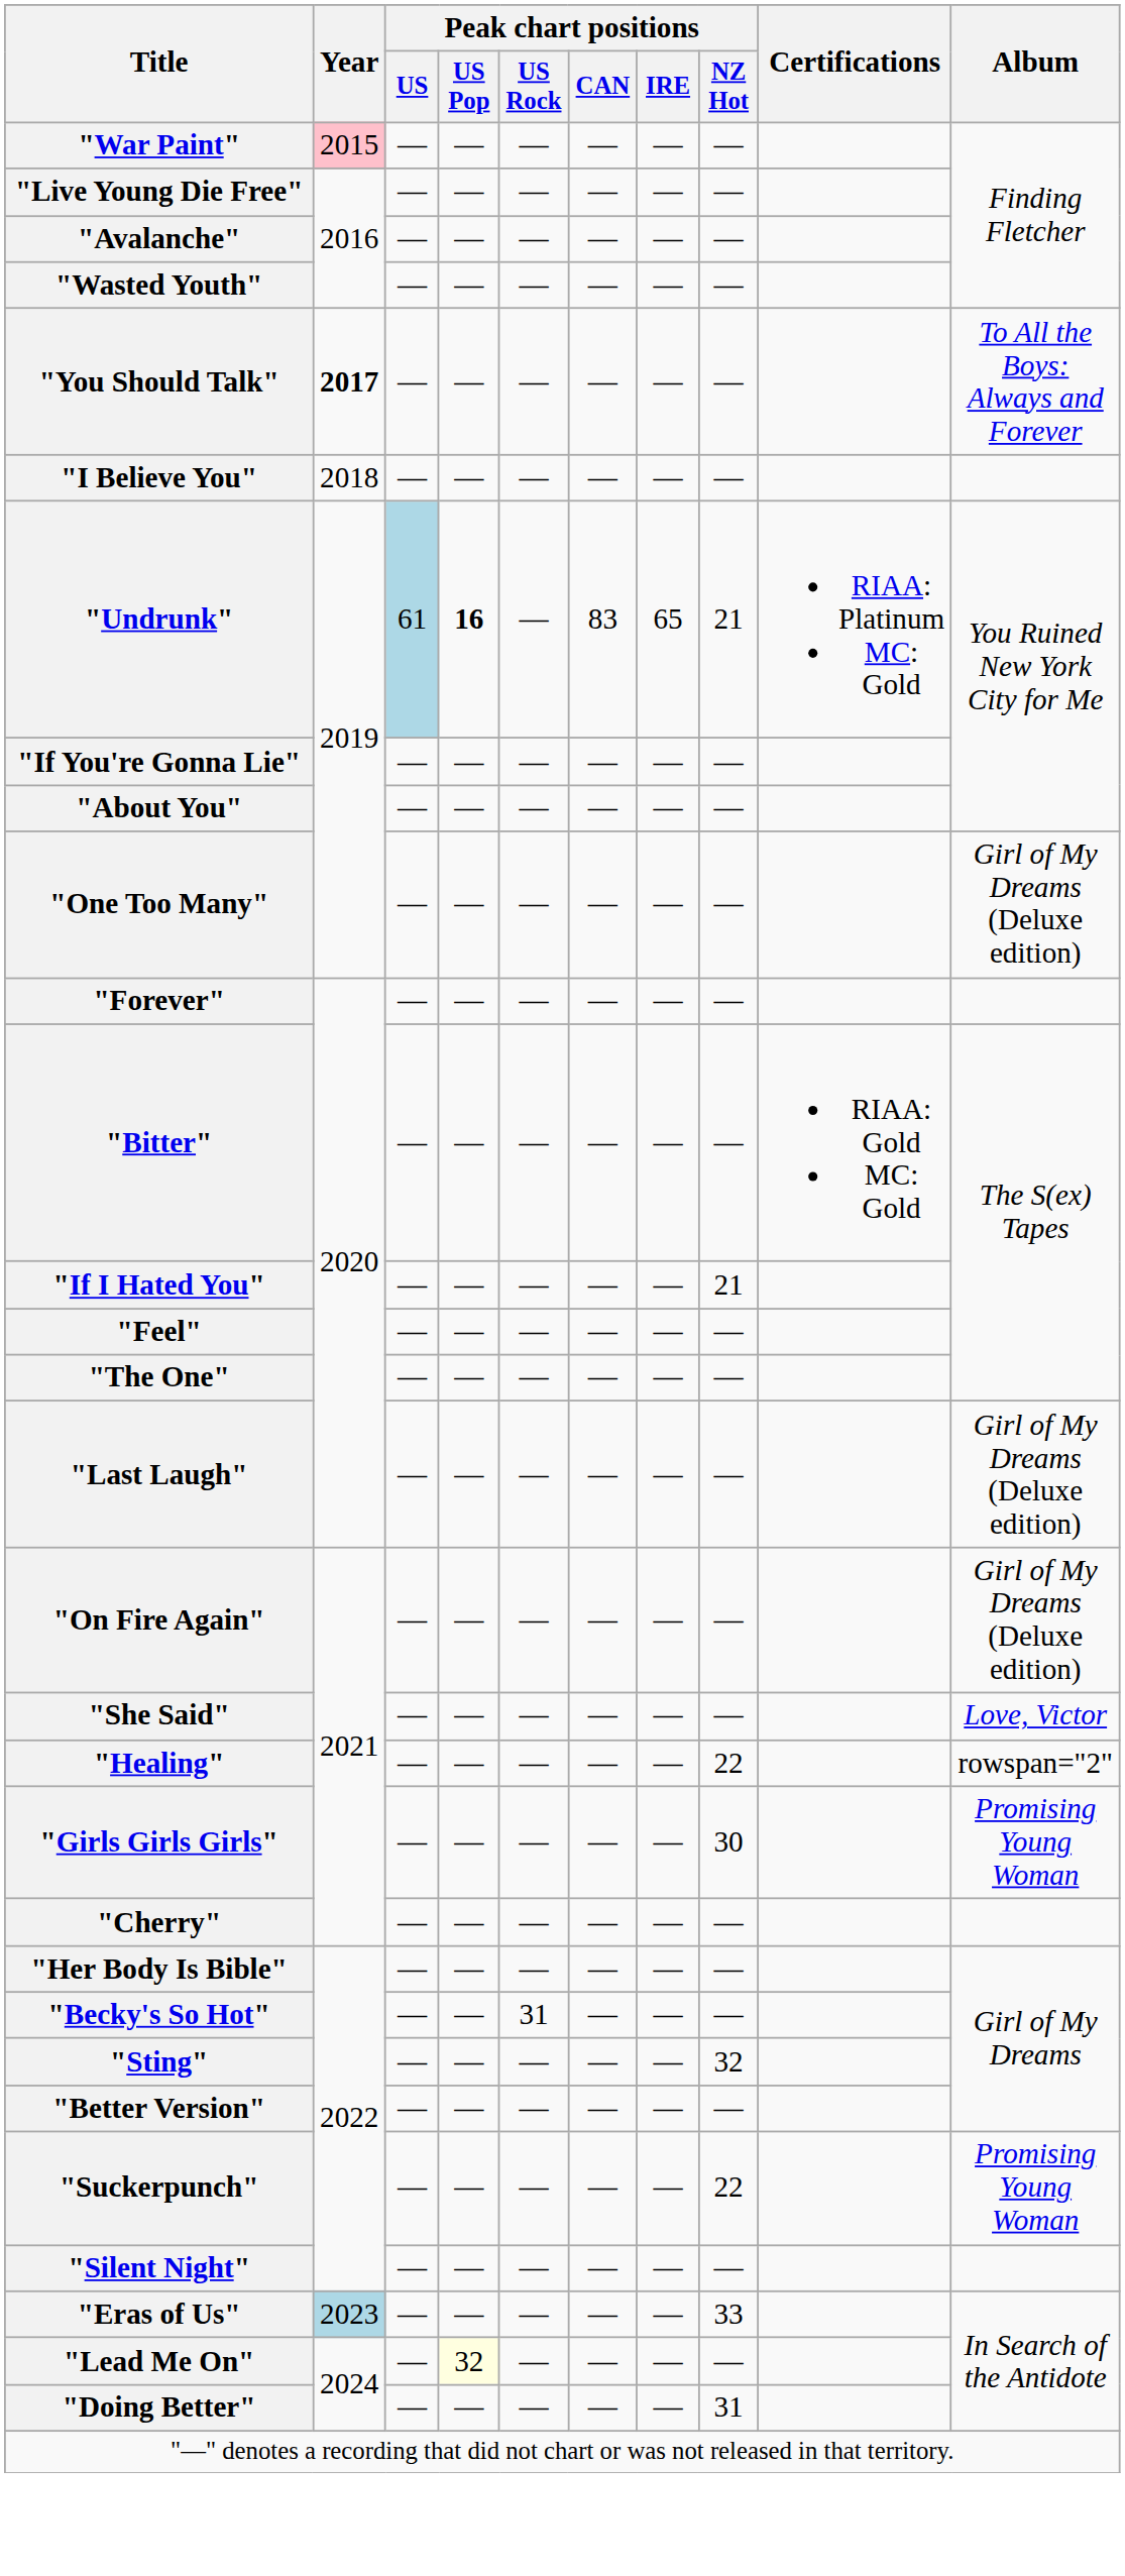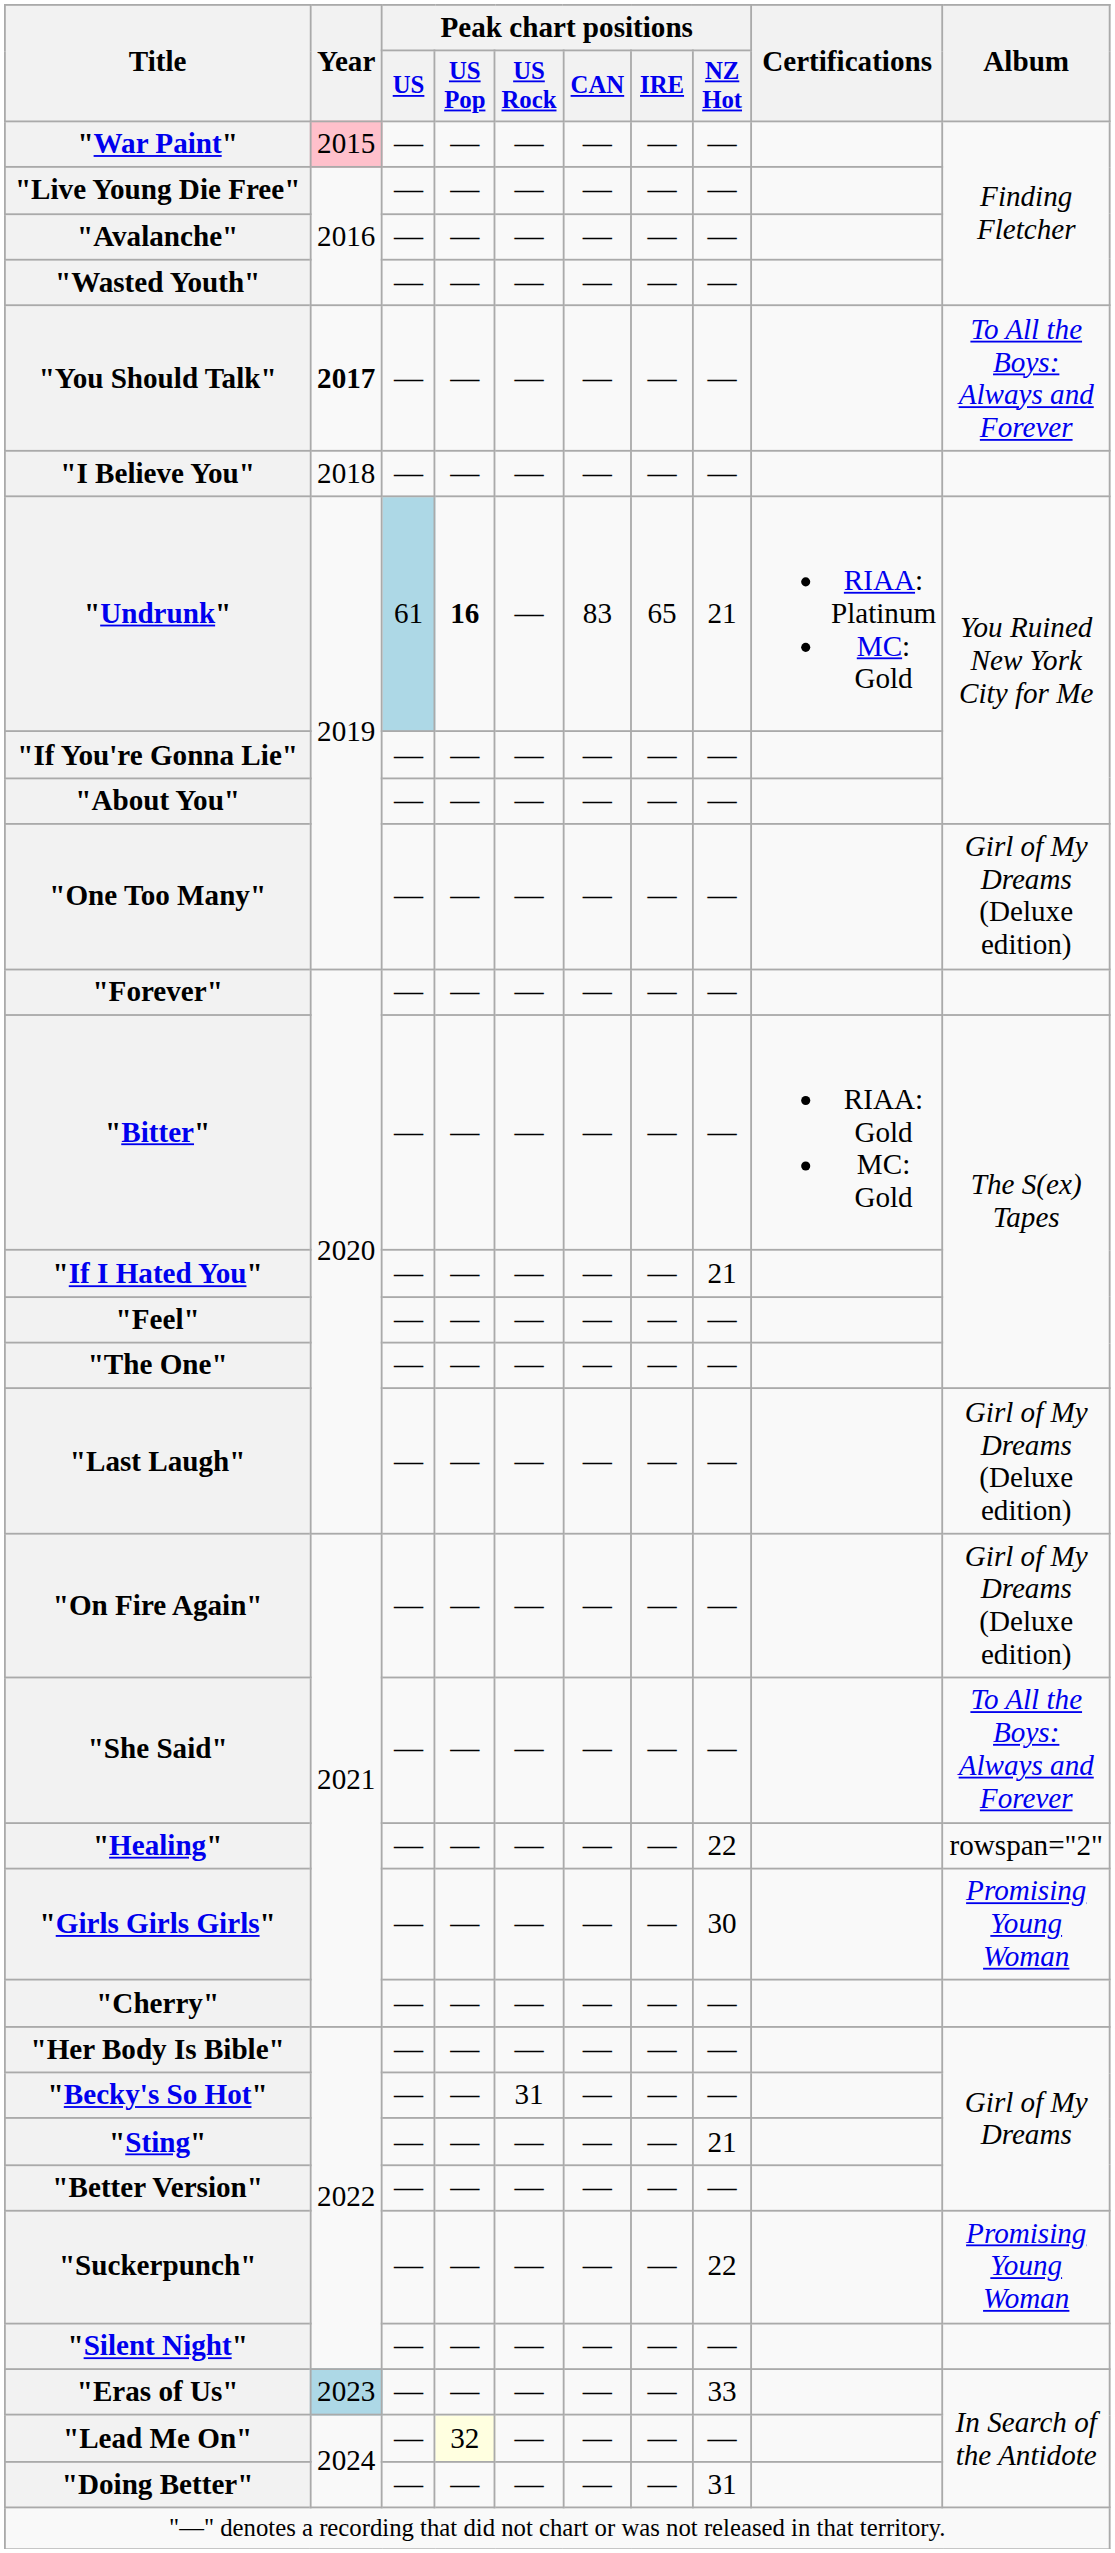 <table class="wikitable plainrowheaders" style="text-align:center;">
 <tr>
 <th scope="col" rowspan="2" style="width:17em;">Title</th>
 <th scope="col" rowspan="2" style="width:1em;">Year</th>
 <th scope="col" colspan="6">Peak chart positions</th>
 <th scope="col" rowspan="2">Certifications</th>
 <th scope="col" rowspan="2">Album</th>
 </tr>
 <tr>
 <th scope="col" style="width:2.5em;font-size:85%;"><a href='#'>US</a><br></th>
 <th scope="col" style="width:2.5em;font-size:85%;"><a href='#'>US<br>Pop</a><br></th>
 <th scope="col" style="width:2.5em;font-size:85%;"><a href='#'>US<br>Rock</a><br></th>
 <th scope="col" style="width:2.5em;font-size:85%;"><a href='#'>CAN</a><br></th>
 <th scope="col" style="width:2.5em;font-size:85%;"><a href='#'>IRE</a><br></th>
 <th scope="col" style="width:2.5em;font-size:85%;"><a href='#'>NZ<br>Hot</a><br></th>
 </tr>
 <tr>
 <th scope="row">"<a href='#'>War Paint</a>"</th>
 <td style="background: pink;">2015</td>
 <td>—</td>
 <td>—</td>
 <td>—</td>
 <td>—</td>
 <td>—</td>
 <td>—</td>
 <td></td>
 <td rowspan="4"><em>Finding Fletcher</em></td>
 </tr>
 <tr>
 <th scope="row">"Live Young Die Free"</th>
 <td rowspan="3">2016</td>
 <td>—</td>
 <td>—</td>
 <td>—</td>
 <td>—</td>
 <td>—</td>
 <td>—</td>
 <td></td>
 </tr>
 <tr>
 <th scope="row">"Avalanche"</th>
 <td>—</td>
 <td>—</td>
 <td>—</td>
 <td>—</td>
 <td>—</td>
 <td>—</td>
 <td></td>
 </tr>
 <tr>
 <th scope="row">"Wasted Youth"</th>
 <td>—</td>
 <td>—</td>
 <td>—</td>
 <td>—</td>
 <td>—</td>
 <td>—</td>
 <td></td>
 </tr>
 <tr>
 <th scope="row">"You Should Talk"</th>
 <td><strong>2017</strong></td>
 <td>—</td>
 <td>—</td>
 <td>—</td>
 <td>—</td>
 <td>—</td>
 <td>—</td>
 <td></td>
 <td><em><a href='#'>To All the Boys: Always and Forever</a></em></td>
 </tr>
 <tr>
 <th scope="row">"I Believe You"</th>
 <td>2018</td>
 <td>—</td>
 <td>—</td>
 <td>—</td>
 <td>—</td>
 <td>—</td>
 <td>—</td>
 <td></td>
 </tr>
 <tr>
 <th scope="row">"<a href='#'>Undrunk</a>"</th>
 <td rowspan="4">2019</td>
 <td style="background: lightblue;">61</td>
 <td><strong>16</strong></td>
 <td>—</td>
 <td>83</td>
 <td>65</td>
 <td>21</td>
 <td><br><ul><li><a href='#'>RIAA</a>: Platinum</li><li><a href='#'>MC</a>: Gold</li></ul></td>
 <td rowspan="3"><em>You Ruined New York City for Me</em></td>
 </tr>
 <tr>
 <th scope="row">"If You're Gonna Lie"</th>
 <td>—</td>
 <td>—</td>
 <td>—</td>
 <td>—</td>
 <td>—</td>
 <td>—</td>
 <td></td>
 </tr>
 <tr>
 <th scope="row">"About You"</th>
 <td>—</td>
 <td>—</td>
 <td>—</td>
 <td>—</td>
 <td>—</td>
 <td>—</td>
 <td></td>
 </tr>
 <tr>
 <th scope="row">"One Too Many"</th>
 <td>—</td>
 <td>—</td>
 <td>—</td>
 <td>—</td>
 <td>—</td>
 <td>—</td>
 <td></td>
 <td><em>Girl of My Dreams</em> (Deluxe edition)</td>
 </tr>
 <tr>
 <th scope="row">"Forever"</th>
 <td rowspan="6">2020</td>
 <td>—</td>
 <td>—</td>
 <td>—</td>
 <td>—</td>
 <td>—</td>
 <td>—</td>
 <td></td>
 </tr>
 <tr>
 <th scope="row">"<a href='#'>Bitter</a>" </th>
 <td>—</td>
 <td>—</td>
 <td>—</td>
 <td>—</td>
 <td>—</td>
 <td>—</td>
 <td><br><ul><li>RIAA: Gold</li><li>MC: Gold</li></ul></td>
 <td rowspan="4"><em>The S(ex) Tapes</em></td>
 </tr>
 <tr>
 <th scope="row">"<a href='#'>If I Hated You</a>"</th>
 <td>—</td>
 <td>—</td>
 <td>—</td>
 <td>—</td>
 <td>—</td>
 <td>21</td>
 <td></td>
 </tr>
 <tr>
 <th scope="row">"Feel"</th>
 <td>—</td>
 <td>—</td>
 <td>—</td>
 <td>—</td>
 <td>—</td>
 <td>—</td>
 <td></td>
 </tr>
 <tr>
 <th scope="row">"The One"</th>
 <td>—</td>
 <td>—</td>
 <td>—</td>
 <td>—</td>
 <td>—</td>
 <td>—</td>
 <td></td>
 </tr>
 <tr>
 <th scope="row">"Last Laugh"</th>
 <td>—</td>
 <td>—</td>
 <td>—</td>
 <td>—</td>
 <td>—</td>
 <td>—</td>
 <td></td>
 <td><em>Girl of My Dreams</em> (Deluxe edition)</td>
 </tr>
 <tr>
 <th scope="row">"On Fire Again"</th>
 <td rowspan="5">2021</td>
 <td>—</td>
 <td>—</td>
 <td>—</td>
 <td>—</td>
 <td>—</td>
 <td>—</td>
 <td></td>
 <td><em>Girl of My Dreams</em> (Deluxe edition)</td>
 </tr>
 <tr>
 <th scope="row">"She Said"</th>
 <td>—</td>
 <td>—</td>
 <td>—</td>
 <td>—</td>
 <td>—</td>
 <td>—</td>
 <td></td>
-<td><em><a href='#'>Love, Victor</a></em></td>
+<td><em><a href='#'>To All the Boys: Always and Forever</a></em></td>
 </tr>
 <tr>
 <th scope="row">"<a href='#'>Healing</a>"</th>
 <td>—</td>
 <td>—</td>
 <td>—</td>
 <td>—</td>
 <td>—</td>
 <td>22</td>
 <td></td>
 <td>rowspan="2" </td>
 </tr>
 <tr>
 <th scope="row">"<a href='#'>Girls Girls Girls</a>"</th>
 <td>—</td>
 <td>—</td>
 <td>—</td>
 <td>—</td>
 <td>—</td>
 <td>30</td>
 <td></td>
 <td><em><a href='#'>Promising Young Woman</a></em></td>
 </tr>
 <tr>
 <th scope="row">"Cherry" </th>
 <td>—</td>
 <td>—</td>
 <td>—</td>
 <td>—</td>
 <td>—</td>
 <td>—</td>
 <td></td>
 </tr>
 <tr>
 <th scope="row">"Her Body Is Bible"</th>
 <td rowspan="6">2022</td>
 <td>—</td>
 <td>—</td>
 <td>—</td>
 <td>—</td>
 <td>—</td>
 <td>—</td>
 <td></td>
 <td rowspan="4"><em>Girl of My Dreams</em></td>
 </tr>
 <tr>
 <th scope="row">"<a href='#'>Becky's So Hot</a>"</th>
 <td>—</td>
 <td>—</td>
 <td>31</td>
 <td>—</td>
 <td>—</td>
 <td>—</td>
 <td></td>
 </tr>
 <tr>
 <th scope="row">"<a href='#'>Sting</a>"</th>
 <td>—</td>
 <td>—</td>
 <td>—</td>
 <td>—</td>
 <td>—</td>
-<td>32</td>
+<td>21</td>
 </tr>
 <tr>
 <th scope="row">"Better Version"</th>
 <td>—</td>
 <td>—</td>
 <td>—</td>
 <td>—</td>
 <td>—</td>
 <td>—</td>
 <td></td>
 </tr>
 <tr>
 <th scope="row">"Suckerpunch"</th>
 <td>—</td>
 <td>—</td>
 <td>—</td>
 <td>—</td>
 <td>—</td>
 <td>22</td>
 <td></td>
 <td><em><a href='#'>Promising Young Woman</a></em></td>
 </tr>
 <tr>
 <th scope="row">"<a href='#'>Silent Night</a>"</th>
 <td>—</td>
 <td>—</td>
 <td>—</td>
 <td>—</td>
 <td>—</td>
 <td>—</td>
 <td></td>
 <td></td>
 </tr>
 <tr>
 <th scope="row">"Eras of Us"</th>
 <td style="background: lightblue;">2023</td>
 <td>—</td>
 <td>—</td>
 <td>—</td>
 <td>—</td>
 <td>—</td>
 <td>33</td>
 <td></td>
 <td rowspan="3"><em>In Search of the Antidote</em></td>
 </tr>
 <tr>
 <th scope="row">"Lead Me On"</th>
 <td rowspan="2">2024</td>
 <td>—</td>
 <td style="background: lightyellow;">32</td>
 <td>—</td>
 <td>—</td>
 <td>—</td>
 <td>—</td>
 <td></td>
 </tr>
 <tr>
 <th scope="row">"Doing Better"</th>
 <td>—</td>
 <td>—</td>
 <td>—</td>
 <td>—</td>
 <td>—</td>
 <td>31</td>
 <td></td>
 </tr>
 <tr>
 <td colspan="18" style="font-size:85%;">"—" denotes a recording that did not chart or was not released in that territory.</td>
 </tr>
 </table>
